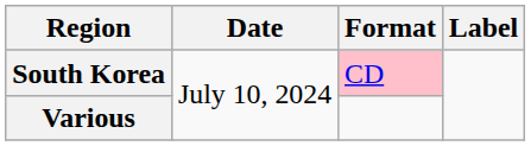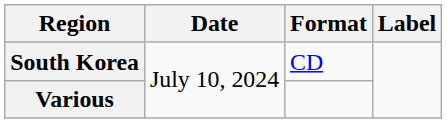 <table class="wikitable plainrowheaders">
 <tr>
 <th scope="col">Region</th>
 <th scope="col">Date</th>
 <th scope="col">Format</th>
 <th scope="col">Label</th>
 </tr>
 <tr>
 <th scope="row">South Korea</th>
 <td rowspan="2">July 10, 2024</td>
-<td style="background: pink;"><a href='#'>CD</a></td>
+<td><a href='#'>CD</a></td>
 <td rowspan="2"></td>
 </tr>
 <tr>
 <th scope="row">Various</th>
 <td></td>
 </tr>
 </table>
